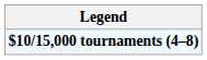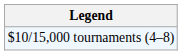 <table class=wikitable style=font-size:85%;>
 <tr>
 <th>Legend</th>
 </tr>
 <tr style=background:#f0f8ff;>
-<td><strong>$10/15,000 tournaments (4–8)</strong></td>
+<td>$10/15,000 tournaments (4–8)</td>
 </tr>
 </table>
